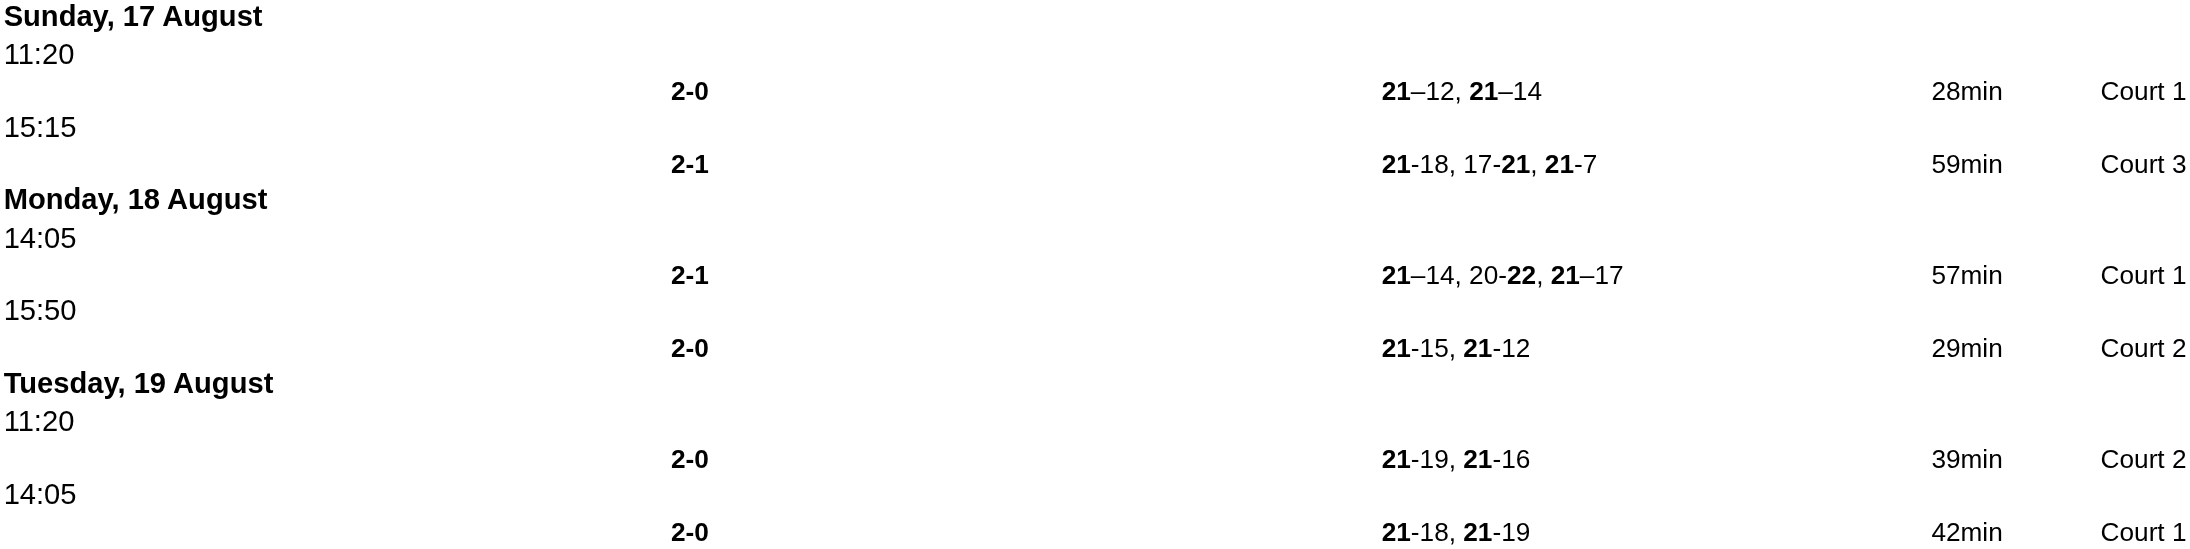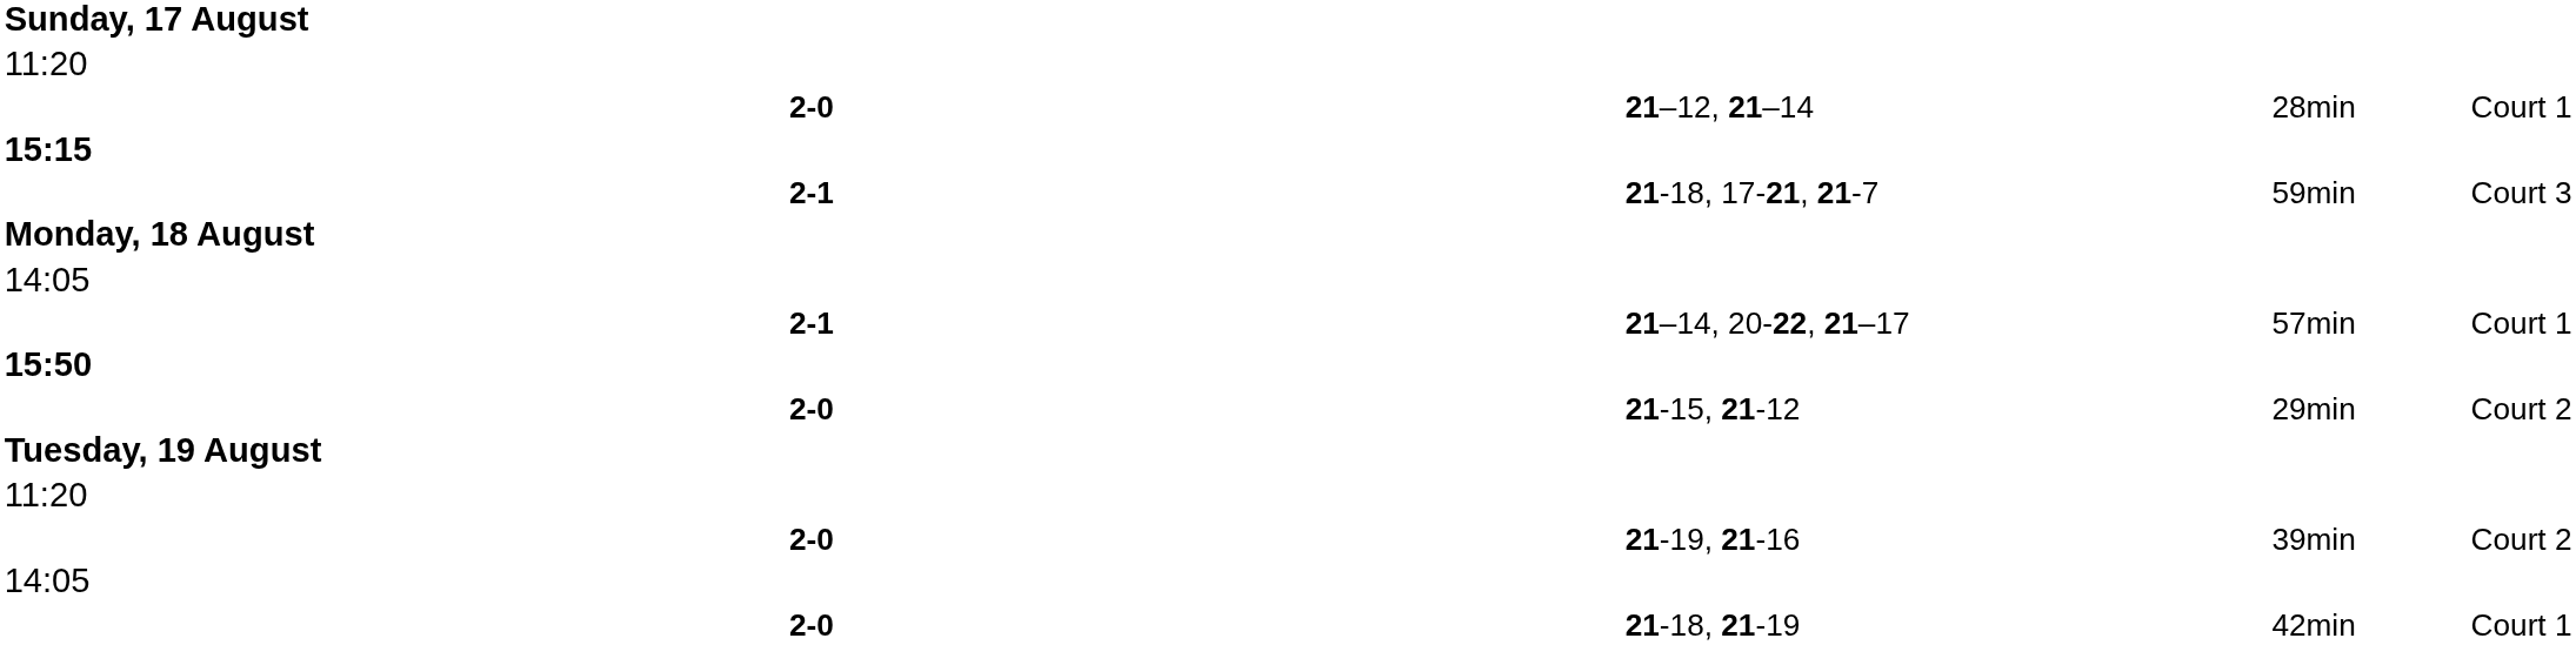 <table style="width:100%;" cellspacing="1">
 <tr>
 <th width=25%></th>
 <th width=10%></th>
 <th width=25%></th>
 </tr>
 <tr>
 <td><strong>Sunday, 17 August</strong></td>
 </tr>
 <tr>
 <td>11:20</td>
 </tr>
 <tr style=font-size:90%>
 <td align=right><strong></strong></td>
 <td align=center><strong> 2-0 </strong></td>
 <td></td>
 <td><strong>21</strong>–12, <strong>21</strong>–14</td>
 <td>28min</td>
 <td>Court 1</td>
 </tr>
 <tr>
-<td>15:15</td>
+<td><strong>15:15</strong></td>
 </tr>
 <tr style=font-size:90%>
 <td align=right><strong></strong></td>
 <td align=center><strong> 2-1 </strong></td>
 <td></td>
 <td><strong>21</strong>-18, 17-<strong>21</strong>, <strong>21</strong>-7</td>
 <td>59min</td>
 <td>Court 3</td>
 </tr>
 <tr>
 <td><strong>Monday, 18 August</strong></td>
 </tr>
 <tr>
 <td>14:05</td>
 </tr>
 <tr style=font-size:90%>
 <td align=right><strong></strong></td>
 <td align=center><strong> 2-1 </strong></td>
 <td></td>
 <td><strong>21</strong>–14, 20-<strong>22</strong>, <strong>21</strong>–17</td>
 <td>57min</td>
 <td>Court 1</td>
 </tr>
 <tr>
-<td>15:50</td>
+<td><strong>15:50</strong></td>
 </tr>
 <tr style=font-size:90%>
 <td align=right><strong></strong></td>
 <td align=center><strong> 2-0 </strong></td>
 <td></td>
 <td><strong>21</strong>-15, <strong>21</strong>-12</td>
 <td>29min</td>
 <td>Court 2</td>
 </tr>
 <tr>
 <td><strong>Tuesday, 19 August</strong></td>
 </tr>
 <tr>
 <td>11:20</td>
 </tr>
 <tr style=font-size:90%>
 <td align=right><strong></strong></td>
 <td align=center><strong> 2-0 </strong></td>
 <td></td>
 <td><strong>21</strong>-19, <strong>21</strong>-16</td>
 <td>39min</td>
 <td>Court 2</td>
 </tr>
 <tr>
 <td>14:05</td>
 </tr>
 <tr style=font-size:90%>
 <td align=right><strong></strong></td>
 <td align=center><strong> 2-0 </strong></td>
 <td></td>
 <td><strong>21</strong>-18, <strong>21</strong>-19</td>
 <td>42min</td>
 <td>Court 1</td>
 </tr>
 </table>
